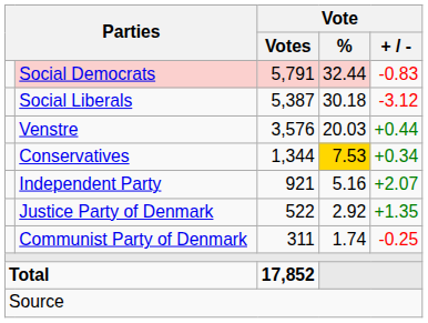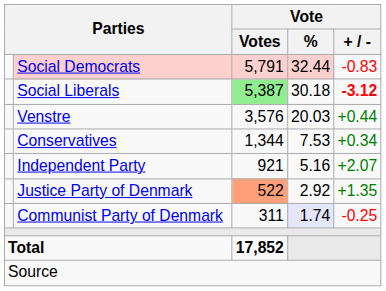 <table class="wikitable" style="text-align:right;">
 <tr>
 <th style="text-align:centre;" rowspan="2" colspan="2" width="225">Parties</th>
 <th colspan="3">Vote</th>
 </tr>
 <tr>
 <th width="15">Votes</th>
 <th width="15">%</th>
 <th width="15">+ / -</th>
 </tr>
 <tr>
 <td width="2" style="color:inherit;background:"></td>
 <td bgcolor=#fbd0ce  align="left"><a href='#'>Social Democrats</a></td>
 <td bgcolor=#fbd0ce>5,791</td>
 <td bgcolor=#fbd0ce>32.44</td>
 <td style=color:red;>-0.83</td>
 </tr>
 <tr>
 <td width="2" style="color:inherit;background:"></td>
 <td align="left"><a href='#'>Social Liberals</a></td>
-<td>5,387</td>
+<td style="background: lightgreen;">5,387</td>
 <td>30.18</td>
-<td style=color:red;>-3.12</td>
+<td style=color:red;><strong>-3.12</strong></td>
 </tr>
 <tr>
 <td width="2" style="color:inherit;background:"></td>
 <td align="left"><a href='#'>Venstre</a></td>
 <td>3,576</td>
 <td>20.03</td>
 <td style=color:green;>+0.44</td>
 </tr>
 <tr>
 <td width="2" style="color:inherit;background:"></td>
 <td align="left"><a href='#'>Conservatives</a></td>
 <td>1,344</td>
-<td style="background: gold;">7.53</td>
+<td>7.53</td>
 <td style=color:green;>+0.34</td>
 </tr>
 <tr>
 <td width="2" style="color:inherit;background:"></td>
 <td align="left"><a href='#'>Independent Party</a></td>
 <td>921</td>
 <td>5.16</td>
 <td style=color:green;>+2.07</td>
 </tr>
 <tr>
 <td width="2" style="color:inherit;background:"></td>
 <td align="left"><a href='#'>Justice Party of Denmark</a></td>
-<td>522</td>
+<td style="background: lightsalmon;">522</td>
 <td>2.92</td>
 <td style=color:green;>+1.35</td>
 </tr>
 <tr>
 <td width="2" style="color:inherit;background:"></td>
 <td align="left"><a href='#'>Communist Party of Denmark</a></td>
 <td>311</td>
-<td>1.74</td>
+<td style="background: lavender;">1.74</td>
 <td style=color:red;>-0.25</td>
 </tr>
 <tr>
 <td colspan="7" bgcolor="#E9E9E9"></td>
 </tr>
 <tr>
 <td align="left" colspan="2"><strong>Total</strong></td>
 <td><strong>17,852</strong></td>
 <td bgcolor="#E9E9E9" colspan="2"></td>
 </tr>
 <tr>
 <td align="left" colspan="6">Source</td>
 </tr>
 </table>
